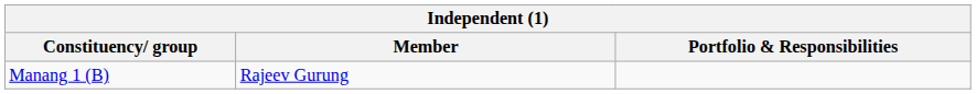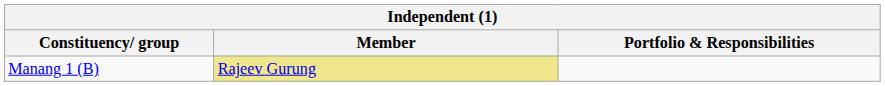 <table class="wikitable">
 <tr>
 <th colspan="3" style="width: 800pt; background:">Independent (1)</th>
 </tr>
 <tr>
 <th style="width:150pt;">Constituency/ group</th>
 <th style="width:250pt;">Member</th>
 <th>Portfolio & Responsibilities</th>
 </tr>
 <tr>
 <td><a href='#'>Manang 1 (B)</a></td>
-<td><a href='#'>Rajeev Gurung</a></td>
+<td style="background: khaki;"><a href='#'>Rajeev Gurung</a></td>
 <td></td>
 </tr>
 </table>
